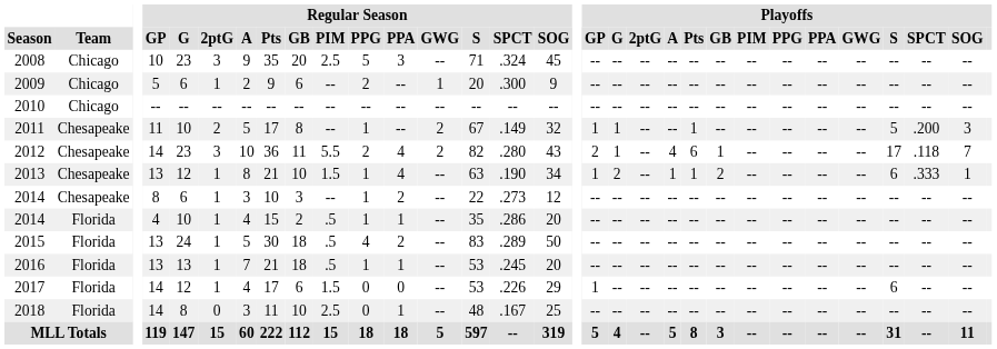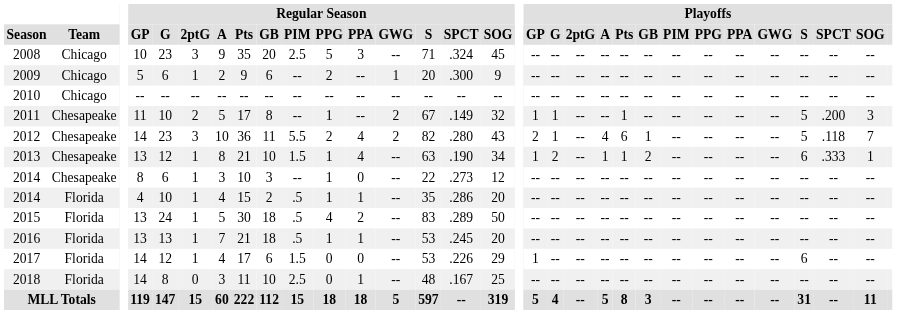 <table BORDER="0" CELLPADDING="3" CELLSPACING="0">
 <tr ALIGN="center" bgcolor="#e0e0e0">
 <th colspan="2" bgcolor="#ffffff"> </th>
 <th rowspan="99" bgcolor="#ffffff"> </th>
 <th colspan="13">Regular Season</th>
 <th rowspan="99" bgcolor="#ffffff"> </th>
 <th colspan="14">Playoffs</th>
 </tr>
 <tr ALIGN="center" bgcolor="#e0e0e0">
 <th>Season</th>
 <th>Team</th>
 <th>GP</th>
 <th>G</th>
 <th>2ptG</th>
 <th>A</th>
 <th>Pts</th>
 <th>GB</th>
 <th>PIM</th>
 <th>PPG</th>
 <th>PPA</th>
 <th>GWG</th>
 <th>S</th>
 <th>SPCT</th>
 <th>SOG</th>
 <th>GP</th>
 <th>G</th>
 <th>2ptG</th>
 <th>A</th>
 <th>Pts</th>
 <th>GB</th>
 <th>PIM</th>
 <th>PPG</th>
 <th>PPA</th>
 <th>GWG</th>
 <th>S</th>
 <th>SPCT</th>
 <th>SOG</th>
 <th></th>
 </tr>
 <tr ALIGN="center">
 <td>2008</td>
 <td>Chicago</td>
 <td>10</td>
 <td>23</td>
 <td>3</td>
 <td>9</td>
 <td>35</td>
 <td>20</td>
 <td>2.5</td>
 <td>5</td>
 <td>3</td>
 <td>--</td>
 <td>71</td>
 <td>.324</td>
 <td>45</td>
 <td>--</td>
 <td>--</td>
 <td>--</td>
 <td>--</td>
 <td>--</td>
 <td>--</td>
 <td>--</td>
 <td>--</td>
 <td>--</td>
 <td>--</td>
 <td>--</td>
 <td>--</td>
 <td>--</td>
 <td></td>
 </tr>
 <tr ALIGN="center" bgcolor="#f0f0f0">
 <td>2009</td>
 <td>Chicago</td>
 <td>5</td>
 <td>6</td>
 <td>1</td>
 <td>2</td>
 <td>9</td>
 <td>6</td>
 <td>--</td>
 <td>2</td>
 <td>--</td>
 <td>1</td>
 <td>20</td>
 <td>.300</td>
 <td>9</td>
 <td>--</td>
 <td>--</td>
 <td>--</td>
 <td>--</td>
 <td>--</td>
 <td>--</td>
 <td>--</td>
 <td>--</td>
 <td>--</td>
 <td>--</td>
 <td>--</td>
 <td>--</td>
 <td>--</td>
 <td></td>
 </tr>
 <tr ALIGN="center">
 <td>2010</td>
 <td>Chicago</td>
 <td>--</td>
 <td>--</td>
 <td>--</td>
 <td>--</td>
 <td>--</td>
 <td>--</td>
 <td>--</td>
 <td>--</td>
 <td>--</td>
 <td>--</td>
 <td>--</td>
 <td>--</td>
 <td>--</td>
 <td>--</td>
 <td>--</td>
 <td>--</td>
 <td>--</td>
 <td>--</td>
 <td>--</td>
 <td>--</td>
 <td>--</td>
 <td>--</td>
 <td>--</td>
 <td>--</td>
 <td>--</td>
 <td>--</td>
 <td></td>
 </tr>
 <tr ALIGN="center" bgcolor="#f0f0f0">
 <td>2011</td>
 <td>Chesapeake</td>
 <td>11</td>
 <td>10</td>
 <td>2</td>
 <td>5</td>
 <td>17</td>
 <td>8</td>
 <td>--</td>
 <td>1</td>
 <td>--</td>
 <td>2</td>
 <td>67</td>
 <td>.149</td>
 <td>32</td>
 <td>1</td>
 <td>1</td>
 <td>--</td>
 <td>--</td>
 <td>1</td>
 <td>--</td>
 <td>--</td>
 <td>--</td>
 <td>--</td>
 <td>--</td>
 <td>5</td>
 <td>.200</td>
 <td>3</td>
 <td></td>
 </tr>
 <tr ALIGN="center">
 <td>2012</td>
 <td>Chesapeake</td>
 <td>14</td>
 <td>23</td>
 <td>3</td>
 <td>10</td>
 <td>36</td>
 <td>11</td>
 <td>5.5</td>
 <td>2</td>
 <td>4</td>
 <td>2</td>
 <td>82</td>
 <td>.280</td>
 <td>43</td>
 <td>2</td>
 <td>1</td>
 <td>--</td>
 <td>4</td>
 <td>6</td>
 <td>1</td>
 <td>--</td>
 <td>--</td>
 <td>--</td>
 <td>--</td>
-<td>17</td>
+<td>5</td>
 <td>.118</td>
 <td>7</td>
 <td></td>
 </tr>
 <tr ALIGN="center" bgcolor="#f0f0f0">
 <td>2013</td>
 <td>Chesapeake</td>
 <td>13</td>
 <td>12</td>
 <td>1</td>
 <td>8</td>
 <td>21</td>
 <td>10</td>
 <td>1.5</td>
 <td>1</td>
 <td>4</td>
 <td>--</td>
 <td>63</td>
 <td>.190</td>
 <td>34</td>
 <td>1</td>
 <td>2</td>
 <td>--</td>
 <td>1</td>
 <td>1</td>
 <td>2</td>
 <td>--</td>
 <td>--</td>
 <td>--</td>
 <td>--</td>
 <td>6</td>
 <td>.333</td>
 <td>1</td>
 <td></td>
 </tr>
 <tr ALIGN="center">
 <td>2014</td>
 <td>Chesapeake</td>
 <td>8</td>
 <td>6</td>
 <td>1</td>
 <td>3</td>
 <td>10</td>
 <td>3</td>
 <td>--</td>
 <td>1</td>
-<td>2</td>
+<td>0</td>
 <td>--</td>
 <td>22</td>
 <td>.273</td>
 <td>12</td>
 <td>--</td>
 <td>--</td>
 <td>--</td>
 <td>--</td>
 <td>--</td>
 <td>--</td>
 <td>--</td>
 <td>--</td>
 <td>--</td>
 <td>--</td>
 <td>--</td>
 <td>--</td>
 <td>--</td>
 <td></td>
 </tr>
 <tr ALIGN="center" bgcolor="#f0f0f0">
 <td>2014</td>
 <td>Florida</td>
 <td>4</td>
 <td>10</td>
 <td>1</td>
 <td>4</td>
 <td>15</td>
 <td>2</td>
 <td>.5</td>
 <td>1</td>
 <td>1</td>
 <td>--</td>
 <td>35</td>
 <td>.286</td>
 <td>20</td>
 <td>--</td>
 <td>--</td>
 <td>--</td>
 <td>--</td>
 <td>--</td>
 <td>--</td>
 <td>--</td>
 <td>--</td>
 <td>--</td>
 <td>--</td>
 <td>--</td>
 <td>--</td>
 <td>--</td>
 <td></td>
 </tr>
 <tr ALIGN="center">
 <td>2015</td>
 <td>Florida</td>
 <td>13</td>
 <td>24</td>
 <td>1</td>
 <td>5</td>
 <td>30</td>
 <td>18</td>
 <td>.5</td>
 <td>4</td>
 <td>2</td>
 <td>--</td>
 <td>83</td>
 <td>.289</td>
 <td>50</td>
 <td>--</td>
 <td>--</td>
 <td>--</td>
 <td>--</td>
 <td>--</td>
 <td>--</td>
 <td>--</td>
 <td>--</td>
 <td>--</td>
 <td>--</td>
 <td>--</td>
 <td>--</td>
 <td>--</td>
 <td></td>
 </tr>
 <tr ALIGN="center" bgcolor="#f0f0f0">
 <td>2016</td>
 <td>Florida</td>
 <td>13</td>
 <td>13</td>
 <td>1</td>
 <td>7</td>
 <td>21</td>
 <td>18</td>
 <td>.5</td>
 <td>1</td>
 <td>1</td>
 <td>--</td>
 <td>53</td>
 <td>.245</td>
 <td>20</td>
 <td>--</td>
 <td>--</td>
 <td>--</td>
 <td>--</td>
 <td>--</td>
 <td>--</td>
 <td>--</td>
 <td>--</td>
 <td>--</td>
 <td>--</td>
 <td>--</td>
 <td>--</td>
 <td>--</td>
 <td></td>
 </tr>
 <tr ALIGN="center">
 <td>2017</td>
 <td>Florida</td>
 <td>14</td>
 <td>12</td>
 <td>1</td>
 <td>4</td>
 <td>17</td>
 <td>6</td>
 <td>1.5</td>
 <td>0</td>
 <td>0</td>
 <td>--</td>
 <td>53</td>
 <td>.226</td>
 <td>29</td>
 <td>1</td>
 <td>--</td>
 <td>--</td>
 <td>--</td>
 <td>--</td>
 <td>--</td>
 <td>--</td>
 <td>--</td>
 <td>--</td>
 <td>--</td>
 <td>6</td>
 <td>--</td>
 <td>--</td>
 <td></td>
 </tr>
 <tr ALIGN="center" bgcolor="#f0f0f0">
 <td>2018</td>
 <td>Florida</td>
 <td>14</td>
 <td>8</td>
 <td>0</td>
 <td>3</td>
 <td>11</td>
 <td>10</td>
 <td>2.5</td>
 <td>0</td>
 <td>1</td>
 <td>--</td>
 <td>48</td>
 <td>.167</td>
 <td>25</td>
 <td>--</td>
 <td>--</td>
 <td>--</td>
 <td>--</td>
 <td>--</td>
 <td>--</td>
 <td>--</td>
 <td>--</td>
 <td>--</td>
 <td>--</td>
 <td>--</td>
 <td>--</td>
 <td>--</td>
 <td></td>
 </tr>
 <tr ALIGN="center" bgcolor="#e0e0e0">
 <th colspan="2">MLL Totals</th>
 <th>119</th>
 <th>147</th>
 <th>15</th>
 <th>60</th>
 <th>222</th>
 <th>112</th>
 <th>15</th>
 <th>18</th>
 <th>18</th>
 <th>5</th>
 <th>597</th>
 <th>--</th>
 <th>319</th>
 <th>5</th>
 <th>4</th>
 <th>--</th>
 <th>5</th>
 <th>8</th>
 <th>3</th>
 <th>--</th>
 <th>--</th>
 <th>--</th>
 <th>--</th>
 <th>31</th>
 <th>--</th>
 <th>11</th>
 <th></th>
 </tr>
 </table>
